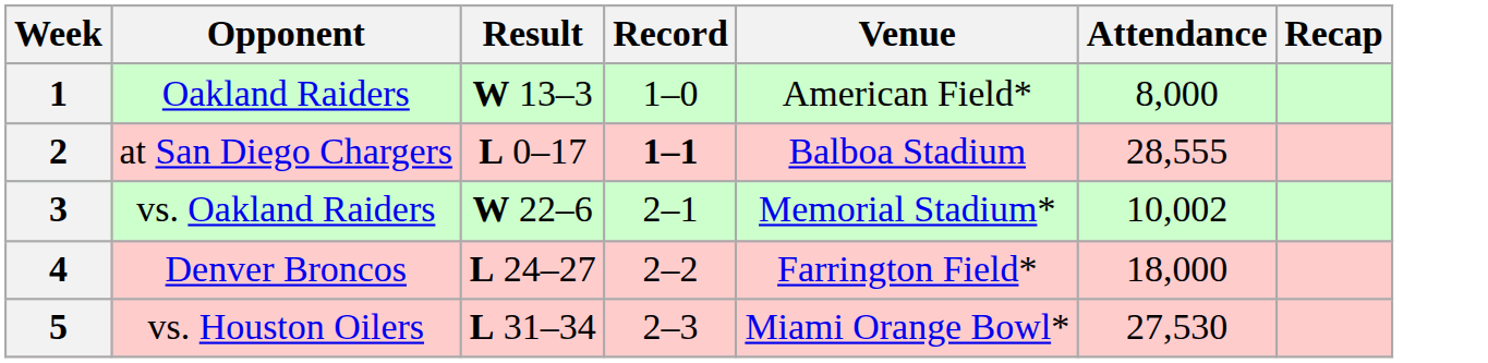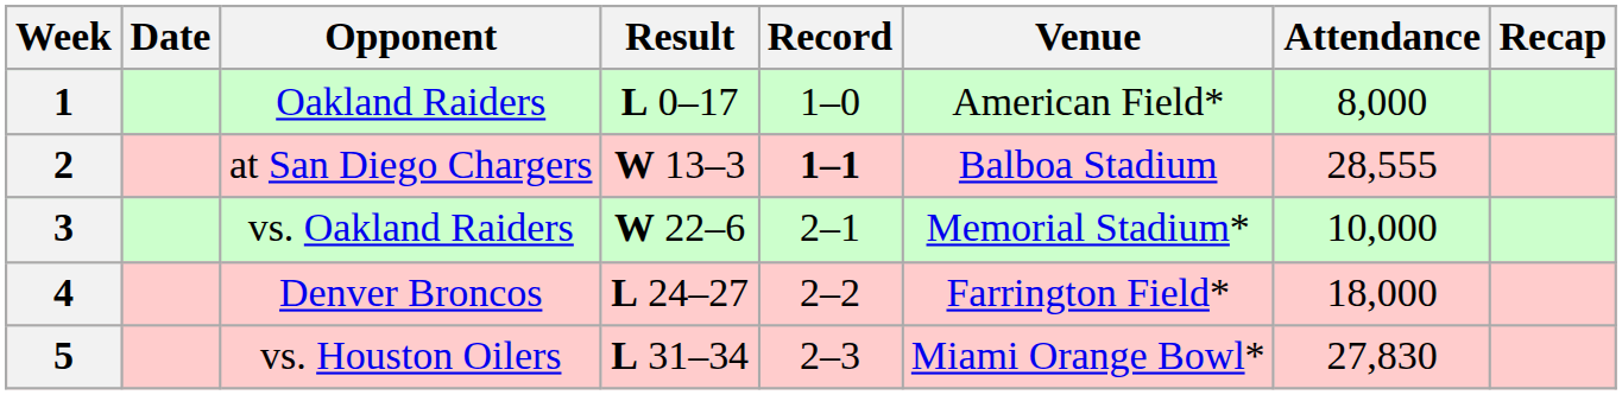 <table class="wikitable" style="text-align:center">
 <tr>
 <th>Week</th>
+<th>Date</th>
 <th>Opponent</th>
 <th>Result</th>
 <th>Record</th>
 <th>Venue</th>
 <th>Attendance</th>
 <th>Recap</th>
 </tr>
 <tr style="background:#cfc">
 <th>1</th>
+<td></td>
 <td><a href='#'>Oakland Raiders</a></td>
-<td><strong>W</strong> 13–3</td>
+<td><strong>L</strong> 0–17</td>
 <td>1–0</td>
 <td>American Field* </td>
 <td>8,000</td>
 <td></td>
 </tr>
 <tr style="background:#fcc">
 <th>2</th>
+<td></td>
 <td>at <a href='#'>San Diego Chargers</a></td>
-<td><strong>L</strong> 0–17</td>
+<td><strong>W</strong> 13–3</td>
 <td><strong>1–1</strong></td>
 <td><a href='#'>Balboa Stadium</a></td>
 <td>28,555</td>
 <td></td>
 </tr>
 <tr style="background:#cfc">
 <th>3</th>
+<td></td>
 <td>vs. <a href='#'>Oakland Raiders</a></td>
 <td><strong>W</strong> 22–6</td>
 <td>2–1</td>
 <td><a href='#'>Memorial Stadium</a>* </td>
-<td>10,002</td>
+<td>10,000</td>
 <td></td>
 </tr>
 <tr style="background:#fcc">
 <th>4</th>
+<td></td>
 <td><a href='#'>Denver Broncos</a></td>
 <td><strong>L</strong> 24–27 </td>
 <td>2–2</td>
 <td><a href='#'>Farrington Field</a>* </td>
 <td>18,000</td>
 <td></td>
 </tr>
 <tr style="background:#fcc">
 <th>5</th>
+<td></td>
 <td>vs. <a href='#'>Houston Oilers</a></td>
 <td><strong>L</strong> 31–34</td>
 <td>2–3</td>
 <td><a href='#'>Miami Orange Bowl</a>* </td>
-<td>27,530</td>
+<td>27,830</td>
 <td></td>
 </tr>
 </table>
